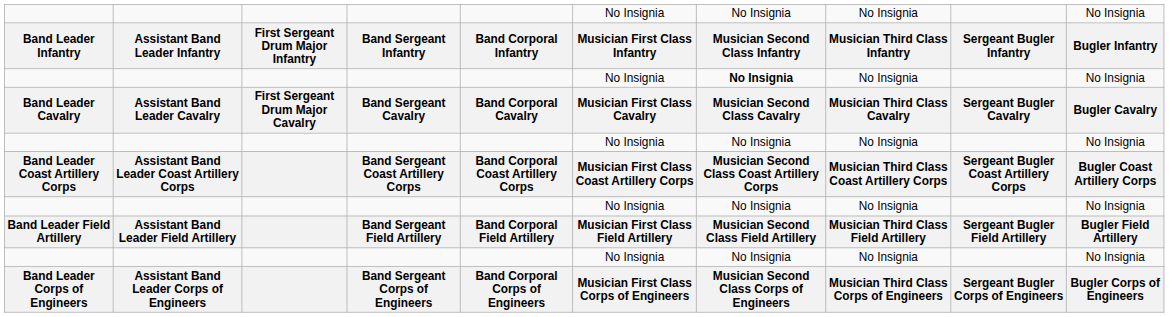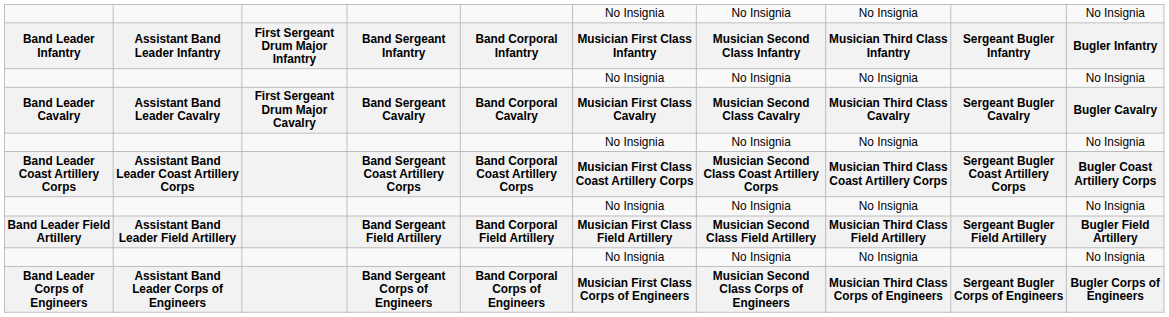 <table class="wikitable" style="text-align:center">
 <tr>
 <td></td>
 <td></td>
 <td></td>
 <td></td>
 <td></td>
 <td>No Insignia</td>
 <td>No Insignia</td>
 <td>No Insignia</td>
 <td></td>
 <td>No Insignia</td>
 </tr>
 <tr>
 <th>Band Leader Infantry</th>
 <th>Assistant Band Leader Infantry</th>
 <th>First Sergeant Drum Major Infantry</th>
 <th>Band Sergeant Infantry</th>
 <th>Band Corporal Infantry</th>
 <th>Musician First Class Infantry</th>
 <th>Musician Second Class Infantry</th>
 <th>Musician Third Class Infantry</th>
 <th>Sergeant Bugler Infantry</th>
 <th>Bugler  Infantry</th>
 </tr>
 <tr>
 <td></td>
 <td></td>
 <td></td>
 <td></td>
 <td></td>
 <td>No Insignia</td>
-<td><strong>No Insignia</strong></td>
+<td>No Insignia</td>
 <td>No Insignia</td>
 <td></td>
 <td>No Insignia</td>
 </tr>
 <tr>
 <th>Band Leader Cavalry</th>
 <th>Assistant Band Leader Cavalry</th>
 <th>First Sergeant Drum Major Cavalry</th>
 <th>Band Sergeant Cavalry</th>
 <th>Band Corporal Cavalry</th>
 <th>Musician First Class Cavalry</th>
 <th>Musician Second Class Cavalry</th>
 <th>Musician Third Class Cavalry</th>
 <th>Sergeant Bugler Cavalry</th>
 <th>Bugler  Cavalry</th>
 </tr>
 <tr>
 <td></td>
 <td></td>
 <td></td>
 <td></td>
 <td></td>
 <td>No Insignia</td>
 <td>No Insignia</td>
 <td>No Insignia</td>
 <td></td>
 <td>No Insignia</td>
 </tr>
 <tr>
 <th>Band Leader Coast Artillery Corps</th>
 <th>Assistant Band Leader Coast Artillery Corps</th>
 <th></th>
 <th>Band Sergeant Coast Artillery Corps</th>
 <th>Band Corporal Coast Artillery Corps</th>
 <th>Musician First Class Coast Artillery Corps</th>
 <th>Musician Second Class Coast Artillery Corps</th>
 <th>Musician Third Class Coast Artillery Corps</th>
 <th>Sergeant Bugler Coast Artillery Corps</th>
 <th>Bugler  Coast Artillery Corps</th>
 </tr>
 <tr>
 <td></td>
 <td></td>
 <td></td>
 <td></td>
 <td></td>
 <td>No Insignia</td>
 <td>No Insignia</td>
 <td>No Insignia</td>
 <td></td>
 <td>No Insignia</td>
 </tr>
 <tr>
 <th>Band Leader Field Artillery</th>
 <th>Assistant Band Leader Field Artillery</th>
 <th></th>
 <th>Band Sergeant  Field Artillery</th>
 <th>Band Corporal  Field Artillery</th>
 <th>Musician First Class Field Artillery</th>
 <th>Musician Second Class Field Artillery</th>
 <th>Musician Third Class Field Artillery</th>
 <th>Sergeant Bugler Field Artillery</th>
 <th>Bugler  Field Artillery</th>
 </tr>
 <tr>
 <td></td>
 <td></td>
 <td></td>
 <td></td>
 <td></td>
 <td>No Insignia</td>
 <td>No Insignia</td>
 <td>No Insignia</td>
 <td></td>
 <td>No Insignia</td>
 </tr>
 <tr>
 <th>Band Leader Corps of Engineers</th>
 <th>Assistant Band Leader Corps of Engineers</th>
 <th></th>
 <th>Band Sergeant  Corps of Engineers</th>
 <th>Band Corporal  Corps of Engineers</th>
 <th>Musician First Class Corps of Engineers</th>
 <th>Musician Second Class Corps of Engineers</th>
 <th>Musician Third Class Corps of Engineers</th>
 <th>Sergeant Bugler Corps of Engineers</th>
 <th>Bugler  Corps of Engineers</th>
 </tr>
 </table>
